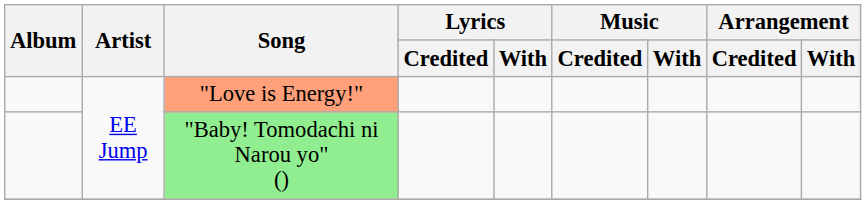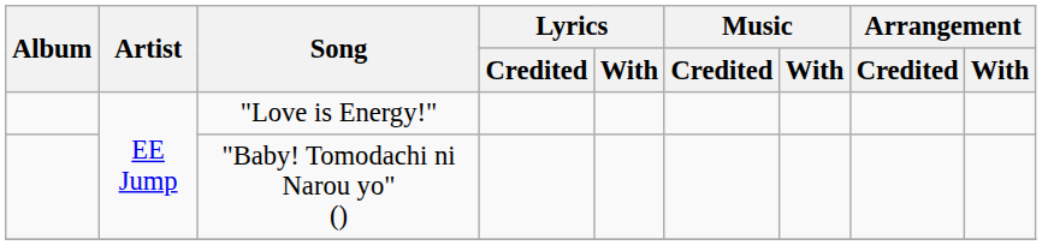 <table class="wikitable">
 <tr>
 <th rowspan="2">Album</th>
 <th rowspan="2">Artist</th>
 <th rowspan="2">Song</th>
 <th colspan="2">Lyrics</th>
 <th colspan="2">Music</th>
 <th colspan="2">Arrangement</th>
 </tr>
 <tr>
 <th>Credited</th>
 <th>With</th>
 <th>Credited</th>
 <th>With</th>
 <th>Credited</th>
 <th>With</th>
 </tr>
 <tr>
 <td></td>
 <td align="center" rowspan="2"><a href='#'>EE Jump</a></td>
-<td align="center" style="background: lightsalmon;">"Love is Energy!"</td>
+<td align="center">"Love is Energy!"</td>
 <td></td>
 <td></td>
 <td></td>
 <td></td>
 <td></td>
 <td align="center"></td>
 </tr>
 <tr>
 <td></td>
-<td align="center" style="background: lightgreen;">"Baby! Tomodachi ni Narou yo"<br>()</td>
+<td align="center">"Baby! Tomodachi ni Narou yo"<br>()</td>
 <td></td>
 <td></td>
 <td></td>
 <td></td>
 <td></td>
 <td></td>
 </tr>
 <tr>
 </tr>
 </table>
